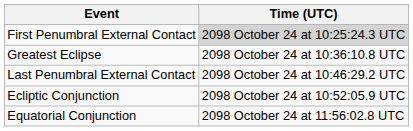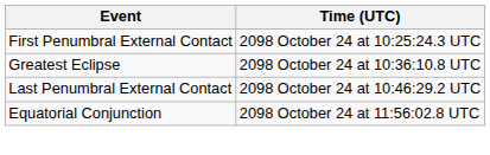 <table class="wikitable">
 <tr>
 <th>Event</th>
 <th>Time (UTC)</th>
 </tr>
 <tr>
 <td>First Penumbral External Contact</td>
-<td style="background: lightgrey;">2098 October 24 at 10:25:24.3 UTC</td>
+<td>2098 October 24 at 10:25:24.3 UTC</td>
 </tr>
 <tr>
 <td>Greatest Eclipse</td>
 <td>2098 October 24 at 10:36:10.8 UTC</td>
 </tr>
 <tr>
 <td>Last Penumbral External Contact</td>
 <td>2098 October 24 at 10:46:29.2 UTC</td>
 </tr>
 <tr>
-<td>Ecliptic Conjunction</td>
-<td>2098 October 24 at 10:52:05.9 UTC</td>
-</tr>
-<tr>
 <td>Equatorial Conjunction</td>
 <td>2098 October 24 at 11:56:02.8 UTC</td>
 </tr>
 </table>
